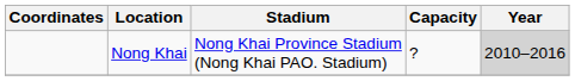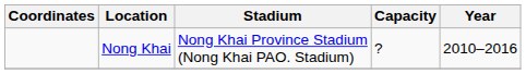 <table class="wikitable sortable">
 <tr>
 <th>Coordinates</th>
 <th>Location</th>
 <th>Stadium</th>
 <th>Capacity</th>
 <th>Year</th>
 </tr>
 <tr>
 <td></td>
 <td><a href='#'>Nong Khai</a></td>
 <td><a href='#'>Nong Khai Province Stadium</a><br>(Nong Khai PAO. Stadium)</td>
 <td>?</td>
-<td style="background: lightgrey;">2010–2016</td>
+<td>2010–2016</td>
 </tr>
 <tr>
 </tr>
 </table>
